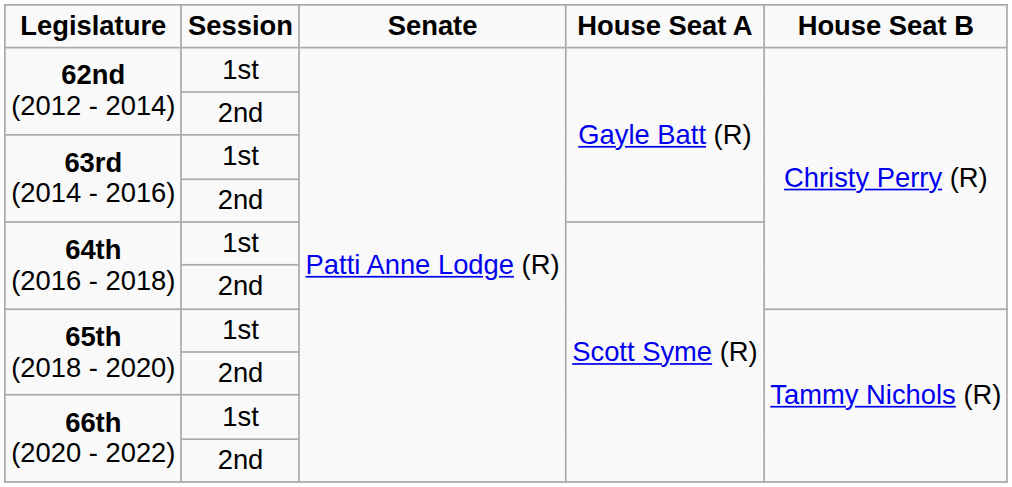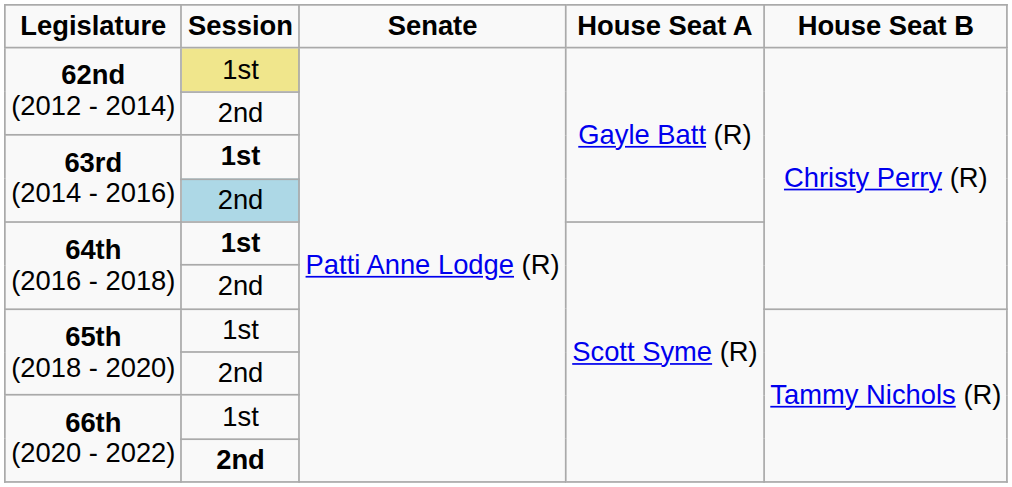 <table class=wikitable style="text-align:center">
 <tr>
 <td><strong>Legislature</strong></td>
 <td><strong>Session</strong></td>
 <td><strong>Senate</strong></td>
 <td><strong>House Seat A</strong></td>
 <td><strong>House Seat B</strong></td>
 </tr>
 <tr>
 <td rowspan="2" colspan="1" style="text-align: center;"><strong>62nd</strong> <br> (2012 - 2014)</td>
-<td>1st</td>
+<td style="background: khaki;">1st</td>
 <td rowspan="10" colspan="1" style="text-align: center;" ><a href='#'>Patti Anne Lodge</a> (R)</td>
 <td rowspan="4" colspan="1" style="text-align: center;" ><a href='#'>Gayle Batt</a> (R)</td>
 <td rowspan="6" colspan="1" style="text-align: center;" ><a href='#'>Christy Perry</a> (R)</td>
 </tr>
 <tr>
 <td>2nd</td>
 </tr>
 <tr>
 <td rowspan="2" colspan="1" style="text-align: center;"><strong>63rd</strong> <br> (2014 - 2016)</td>
-<td>1st</td>
+<td><strong>1st</strong></td>
 </tr>
 <tr>
-<td>2nd</td>
+<td style="background: lightblue;">2nd</td>
 </tr>
 <tr>
 <td rowspan="2" colspan="1" style="text-align: center;"><strong>64th</strong> <br> (2016 - 2018)</td>
-<td>1st</td>
+<td><strong>1st</strong></td>
 <td rowspan="6" colspan="1" style="text-align: center;" ><a href='#'>Scott Syme</a> (R)</td>
 </tr>
 <tr>
 <td>2nd</td>
 </tr>
 <tr>
 <td rowspan="2" colspan="1" style="text-align: center;"><strong>65th</strong> <br> (2018 - 2020)</td>
 <td>1st</td>
 <td rowspan="4" colspan="1" style="text-align: center;" ><a href='#'>Tammy Nichols</a> (R)</td>
 </tr>
 <tr>
 <td>2nd</td>
 </tr>
 <tr>
 <td rowspan="2" colspan="1" style="text-align: center;"><strong>66th</strong> <br> (2020 - 2022)</td>
 <td>1st</td>
 </tr>
 <tr>
-<td>2nd</td>
+<td><strong>2nd</strong></td>
 </tr>
 </table>
